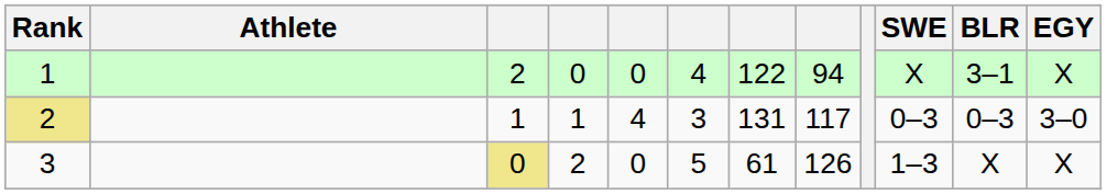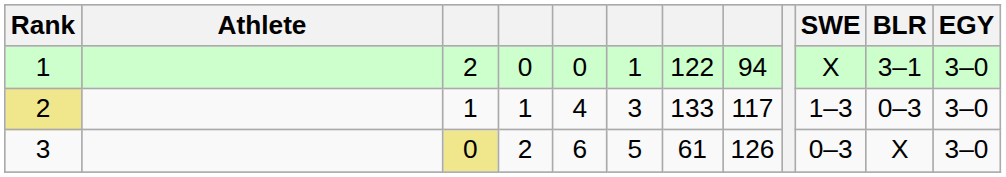 <table class="wikitable" style="text-align:center">
 <tr>
 <th>Rank</th>
 <th width=250>Athlete</th>
 <th width=30></th>
 <th width=30></th>
 <th width=30></th>
 <th width=30></th>
 <th width=30></th>
 <th width=30></th>
 <th rowspan=4></th>
 <th width=30>SWE</th>
 <th width=30>BLR</th>
 <th width=30>EGY</th>
 </tr>
 <tr style="background-color:#ccffcc;">
 <td>1</td>
 <td align=left></td>
 <td>2</td>
 <td>0</td>
 <td>0</td>
-<td>4</td>
+<td>1</td>
 <td>122</td>
 <td>94</td>
 <td>X</td>
 <td>3–1</td>
-<td>X</td>
+<td>3–0</td>
 </tr>
 <tr>
 <td style="background: khaki;">2</td>
 <td align=left></td>
 <td>1</td>
 <td>1</td>
 <td>4</td>
 <td>3</td>
-<td>131</td>
+<td>133</td>
 <td>117</td>
-<td>0–3</td>
+<td>1–3</td>
 <td>0–3</td>
 <td>3–0</td>
 </tr>
 <tr>
 <td>3</td>
 <td align=left></td>
 <td style="background: khaki;">0</td>
 <td>2</td>
-<td>0</td>
+<td>6</td>
 <td>5</td>
 <td>61</td>
 <td>126</td>
-<td>1–3</td>
+<td>0–3</td>
 <td>X</td>
-<td>X</td>
+<td>3–0</td>
 </tr>
 </table>
